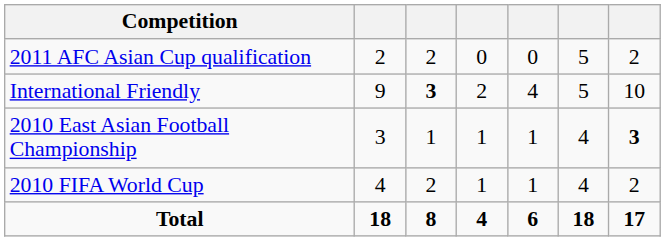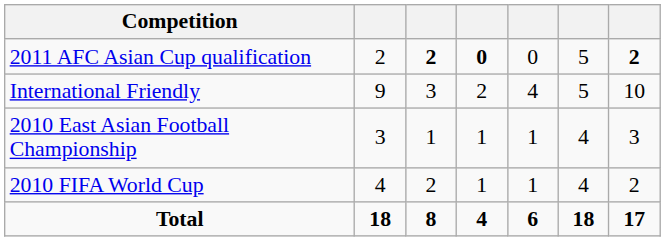 <table class="wikitable" style="text-align: center;">
 <tr>
 <th width=250>Competition</th>
 <th width=30></th>
 <th width=30></th>
 <th width=30></th>
 <th width=30></th>
 <th width=30></th>
 <th width=30></th>
 </tr>
 <tr>
 <td align="left"><a href='#'>2011 AFC Asian Cup qualification</a></td>
 <td>2</td>
-<td>2</td>
-<td>0</td>
+<td><strong>2</strong></td>
+<td><strong>0</strong></td>
 <td>0</td>
 <td>5</td>
-<td>2</td>
+<td><strong>2</strong></td>
 </tr>
 <tr>
 <td align="left"><a href='#'>International Friendly</a></td>
 <td>9</td>
-<td><strong>3</strong></td>
+<td>3</td>
 <td>2</td>
 <td>4</td>
 <td>5</td>
 <td>10</td>
 </tr>
 <tr>
 <td align="left"><a href='#'>2010 East Asian Football Championship</a></td>
 <td>3</td>
 <td>1</td>
 <td>1</td>
 <td>1</td>
 <td>4</td>
-<td><strong>3</strong></td>
+<td>3</td>
 </tr>
 <tr>
 <td align="left"><a href='#'>2010 FIFA World Cup</a></td>
 <td>4</td>
 <td>2</td>
 <td>1</td>
 <td>1</td>
 <td>4</td>
 <td>2</td>
 </tr>
 <tr>
 <td><strong>Total</strong></td>
 <td><strong>18</strong></td>
 <td><strong>8</strong></td>
 <td><strong>4</strong></td>
 <td><strong>6</strong></td>
 <td><strong>18</strong></td>
 <td><strong>17</strong></td>
 </tr>
 </table>
